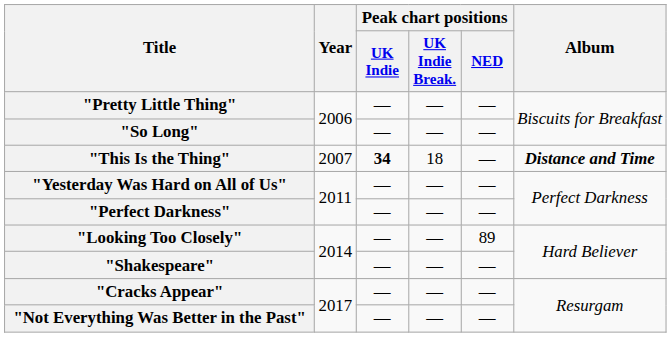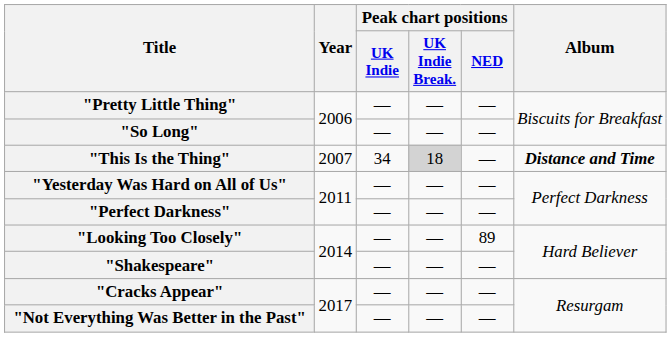 <table class="wikitable plainrowheaders" style="text-align:center;" border="1">
 <tr>
 <th scope="col" rowspan="2" style="width:18em;">Title</th>
 <th scope="col" rowspan="2">Year</th>
 <th scope="col" colspan="3">Peak chart positions</th>
 <th scope="col" rowspan="2">Album</th>
 </tr>
 <tr>
 <th scope="col" style="width:3em;font-size:90%;"><a href='#'>UK<br>Indie</a><br></th>
 <th scope="col" style="width:3em;font-size:90%;"><a href='#'>UK<br>Indie<br>Break.</a><br></th>
 <th scope="col" style="width:3em;font-size:90%;"><a href='#'>NED</a><br></th>
 </tr>
 <tr>
 <th scope="row">"Pretty Little Thing"</th>
 <td rowspan="2">2006</td>
 <td>—</td>
 <td>—</td>
 <td>—</td>
 <td rowspan="2"><em>Biscuits for Breakfast</em></td>
 </tr>
 <tr>
 <th scope="row">"So Long"</th>
 <td>—</td>
 <td>—</td>
 <td>—</td>
 </tr>
 <tr>
 <th scope="row">"This Is the Thing"</th>
 <td>2007</td>
-<td><strong>34</strong></td>
-<td>18</td>
+<td>34</td>
+<td style="background: lightgrey;">18</td>
 <td>—</td>
 <td><strong><em>Distance and Time</em></strong></td>
 </tr>
 <tr>
 <th scope="row">"Yesterday Was Hard on All of Us"</th>
 <td rowspan="2">2011</td>
 <td>—</td>
 <td>—</td>
 <td>—</td>
 <td rowspan="2"><em>Perfect Darkness</em></td>
 </tr>
 <tr>
 <th scope="row">"Perfect Darkness"</th>
 <td>—</td>
 <td>—</td>
 <td>—</td>
 </tr>
 <tr>
 <th scope="row">"Looking Too Closely"</th>
 <td rowspan="2">2014</td>
 <td>—</td>
 <td>—</td>
 <td>89</td>
 <td rowspan="2"><em>Hard Believer</em></td>
 </tr>
 <tr>
 <th scope="row">"Shakespeare"</th>
 <td>—</td>
 <td>—</td>
 <td>—</td>
 </tr>
 <tr>
 <th scope="row">"Cracks Appear"</th>
 <td rowspan="2">2017</td>
 <td>—</td>
 <td>—</td>
 <td>—</td>
 <td rowspan="2"><em>Resurgam</em></td>
 </tr>
 <tr>
 <th scope="row">"Not Everything Was Better in the Past"</th>
 <td>—</td>
 <td>—</td>
 <td>—</td>
 </tr>
 </table>
